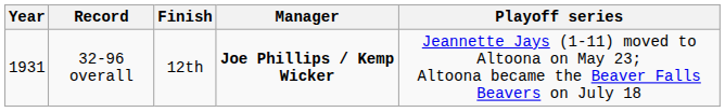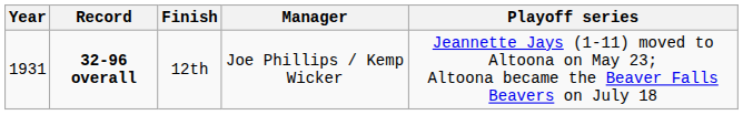 <table class="wikitable" style="text-align:center">
 <tr>
 <th>Year</th>
 <th>Record</th>
 <th>Finish</th>
 <th>Manager</th>
 <th>Playoff series</th>
 </tr>
 <tr>
 <td>1931</td>
-<td>32-96 overall</td>
+<td><strong>32-96 overall</strong></td>
 <td>12th</td>
-<td><strong>Joe Phillips / Kemp Wicker</strong></td>
+<td>Joe Phillips / Kemp Wicker</td>
 <td><a href='#'>Jeannette Jays</a> (1-11) moved to Altoona on May 23;<br>Altoona became the <a href='#'>Beaver Falls Beavers</a> on July 18</td>
 </tr>
 </table>
